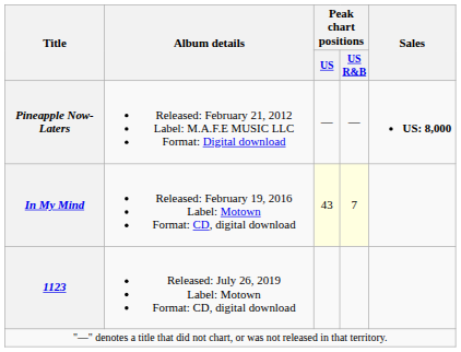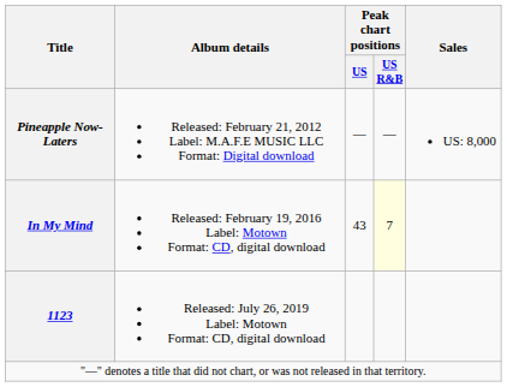 <table class="wikitable plainrowheaders" style="text-align:center;">
 <tr>
 <th scope="col" rowspan="2" style="width:10em;">Title</th>
 <th scope="col" rowspan="2" style="width:23em;">Album details</th>
 <th scope="col" colspan="2">Peak chart positions</th>
 <th scope="col" rowspan="2" style="width:8em;">Sales</th>
 </tr>
 <tr>
 <th scope="col" style="width:2.2em;font-size:90%;"><a href='#'>US</a></th>
 <th scope="col" style="width:2.2em;font-size:90%;"><a href='#'>US R&B</a></th>
 </tr>
 <tr>
 <th scope="row"><em>Pineapple Now-Laters</em></th>
 <td><br><ul><li>Released: February 21, 2012</li><li>Label: M.A.F.E MUSIC LLC</li><li>Format: <a href='#'>Digital download</a></li></ul></td>
 <td>—</td>
 <td>—</td>
-<td><strong><br><ul><li>US: 8,000</li></ul></strong></td>
+<td><br><ul><li>US: 8,000</li></ul></td>
 </tr>
 <tr>
 <th scope="row"><em><a href='#'>In My Mind</a></em></th>
 <td><br><ul><li>Released: February 19, 2016</li><li>Label: <a href='#'>Motown</a></li><li>Format: <a href='#'>CD</a>, digital download</li></ul></td>
-<td style="background: lightyellow;">43</td>
+<td>43</td>
 <td style="background: lightyellow;">7</td>
 <td></td>
 </tr>
 <tr>
 <th scope="row"><em><a href='#'>1123</a></em></th>
 <td><br><ul><li>Released: July 26, 2019</li><li>Label: Motown</li><li>Format: CD, digital download</li></ul></td>
 <td></td>
 <td></td>
 <td></td>
 </tr>
 <tr>
 <td colspan="14" style="font-size:90%">"—" denotes a title that did not chart, or was not released in that territory.</td>
 </tr>
 </table>
